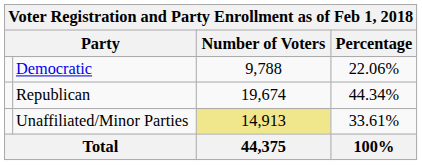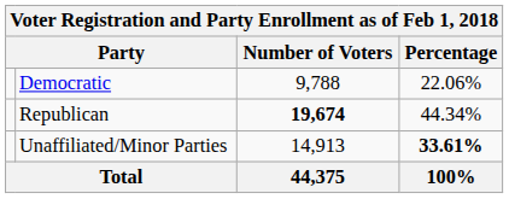 <table class=wikitable>
 <tr>
 <th colspan = 6>Voter Registration and Party Enrollment as of Feb 1, 2018</th>
 </tr>
 <tr>
 <th colspan = 2>Party</th>
 <th>Number of Voters</th>
 <th>Percentage</th>
 </tr>
 <tr>
 <td></td>
 <td><a href='#'>Democratic</a></td>
 <td style="text-align:center;">9,788</td>
 <td style="text-align:center;">22.06%</td>
 </tr>
 <tr>
 <td></td>
 <td>Republican</td>
-<td style="text-align:center;">19,674</td>
+<td style="text-align:center;"><strong>19,674</strong></td>
 <td style="text-align:center;">44.34%</td>
 </tr>
 <tr>
 <td></td>
 <td>Unaffiliated/Minor Parties</td>
-<td style="background: khaki; text-align:center;">14,913</td>
-<td style="text-align:center;">33.61%</td>
+<td style="text-align:center;">14,913</td>
+<td style="text-align:center;"><strong>33.61%</strong></td>
 </tr>
 <tr>
 <th colspan = 2>Total</th>
 <th style="text-align:center;">44,375</th>
 <th style="text-align:center;">100%</th>
 </tr>
 </table>
